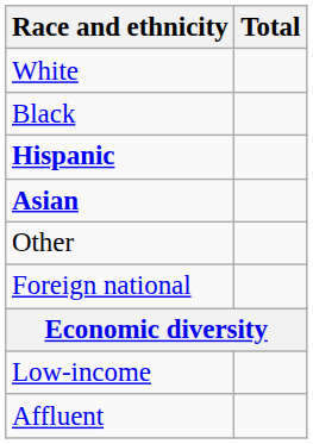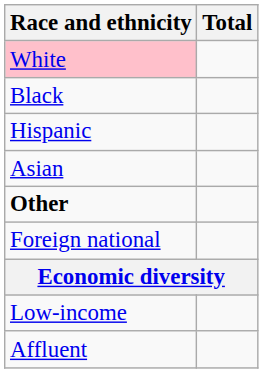 <table class="wikitable floatright sortable collapsible"; text-align:right; font-size:80%;">
 <tr>
 <th>Race and ethnicity</th>
 <th colspan="2" data-sort-type=number>Total</th>
 </tr>
 <tr>
-<td><a href='#'>White</a></td>
+<td style="background: pink;"><a href='#'>White</a></td>
 <td align=right></td>
 </tr>
 <tr>
 <td><a href='#'>Black</a></td>
 <td align=right></td>
 </tr>
 <tr>
-<td><strong><a href='#'>Hispanic</a></strong></td>
+<td><a href='#'>Hispanic</a></td>
 <td align=right></td>
 </tr>
 <tr>
-<td><strong><a href='#'>Asian</a></strong></td>
+<td><a href='#'>Asian</a></td>
 <td align=right></td>
 </tr>
 <tr>
-<td>Other</td>
+<td><strong>Other</strong></td>
 <td align=right></td>
 </tr>
 <tr>
 <td><a href='#'>Foreign national</a></td>
 <td align=right></td>
 </tr>
 <tr>
 <th colspan="4" data-sort-type=number><a href='#'>Economic diversity</a></th>
 </tr>
 <tr>
 <td><a href='#'>Low-income</a></td>
 <td align=right></td>
 </tr>
 <tr>
 <td><a href='#'>Affluent</a></td>
 <td align=right></td>
 </tr>
 </table>
